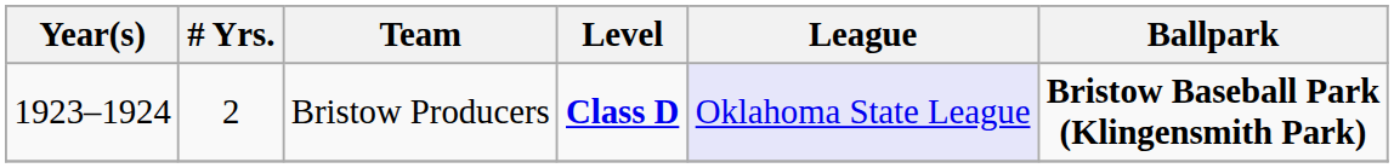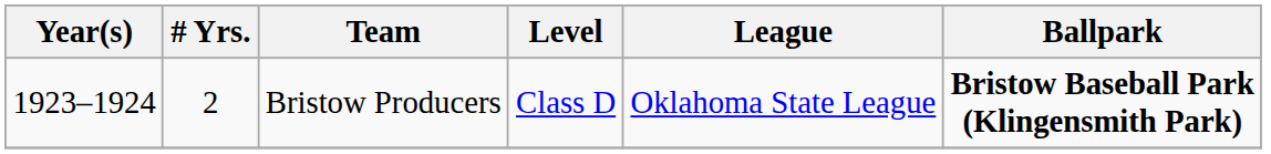 <table class="wikitable" style="text-align:center; font-size: 95%;">
 <tr>
 <th>Year(s)</th>
 <th># Yrs.</th>
 <th>Team</th>
 <th>Level</th>
 <th>League</th>
 <th>Ballpark</th>
 </tr>
 <tr>
 <td>1923–1924</td>
 <td>2</td>
 <td>Bristow Producers</td>
-<td><strong><a href='#'>Class D</a></strong></td>
-<td style="background: lavender;"><a href='#'>Oklahoma State League</a></td>
+<td><a href='#'>Class D</a></td>
+<td><a href='#'>Oklahoma State League</a></td>
 <td><strong>Bristow Baseball Park<br>(Klingensmith Park)</strong></td>
 </tr>
 <tr>
 </tr>
 </table>
